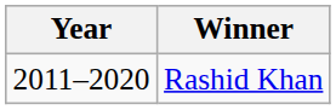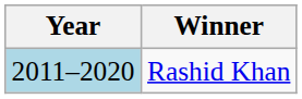 <table class="wikitable">
 <tr>
 <th>Year</th>
 <th>Winner</th>
 </tr>
 <tr>
-<td>2011–2020</td>
+<td style="background: lightblue;">2011–2020</td>
 <td> <a href='#'>Rashid Khan</a></td>
 </tr>
 </table>
